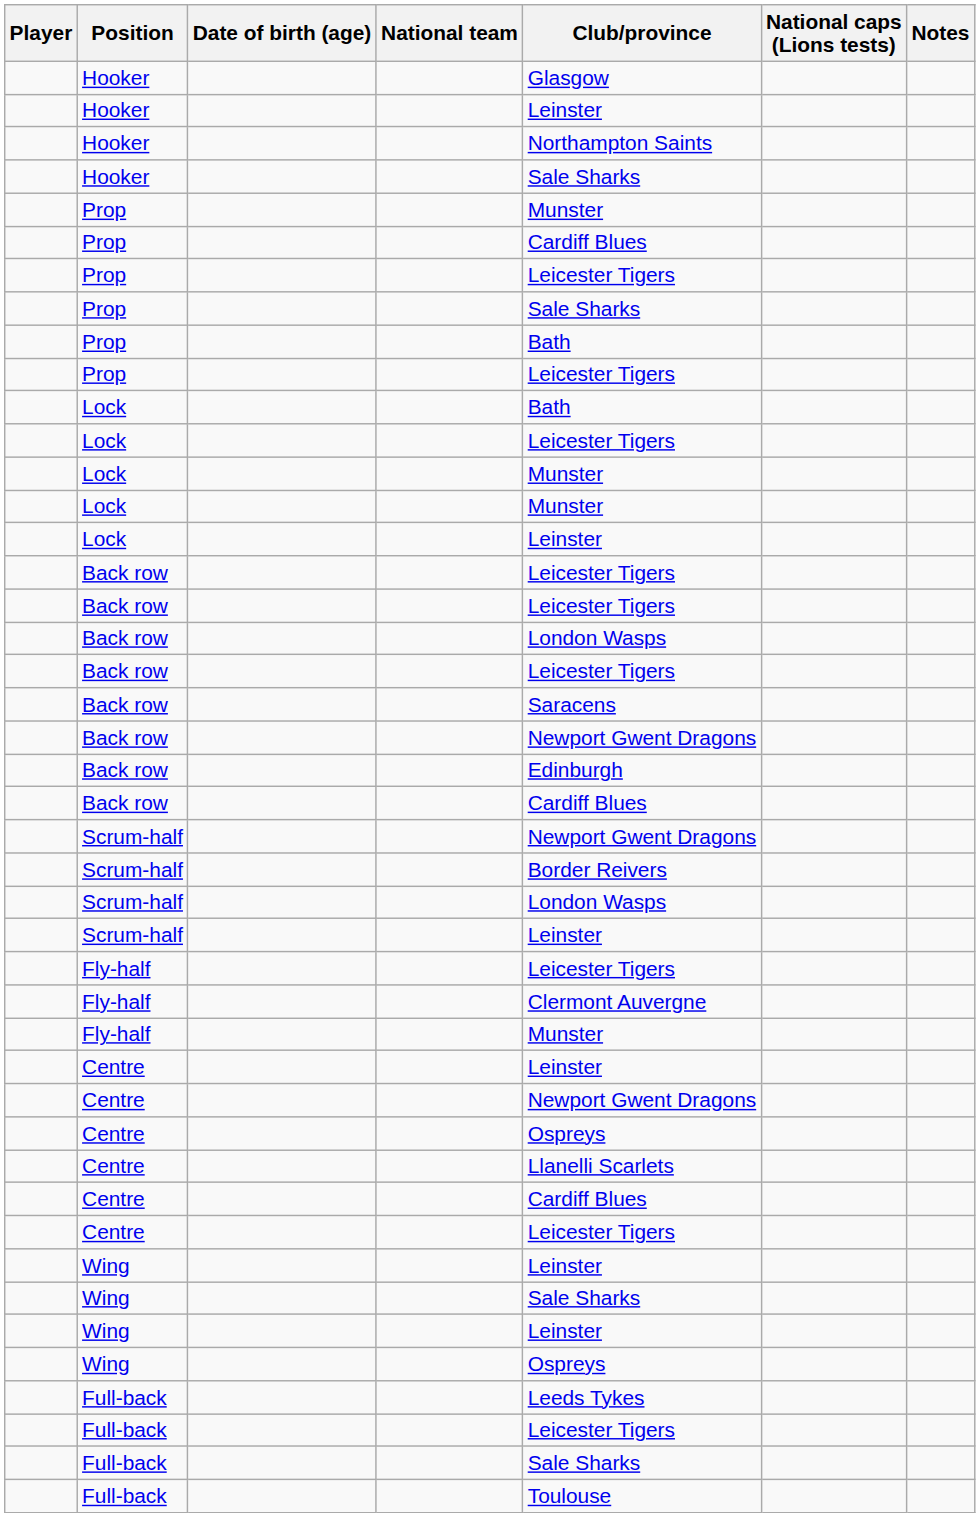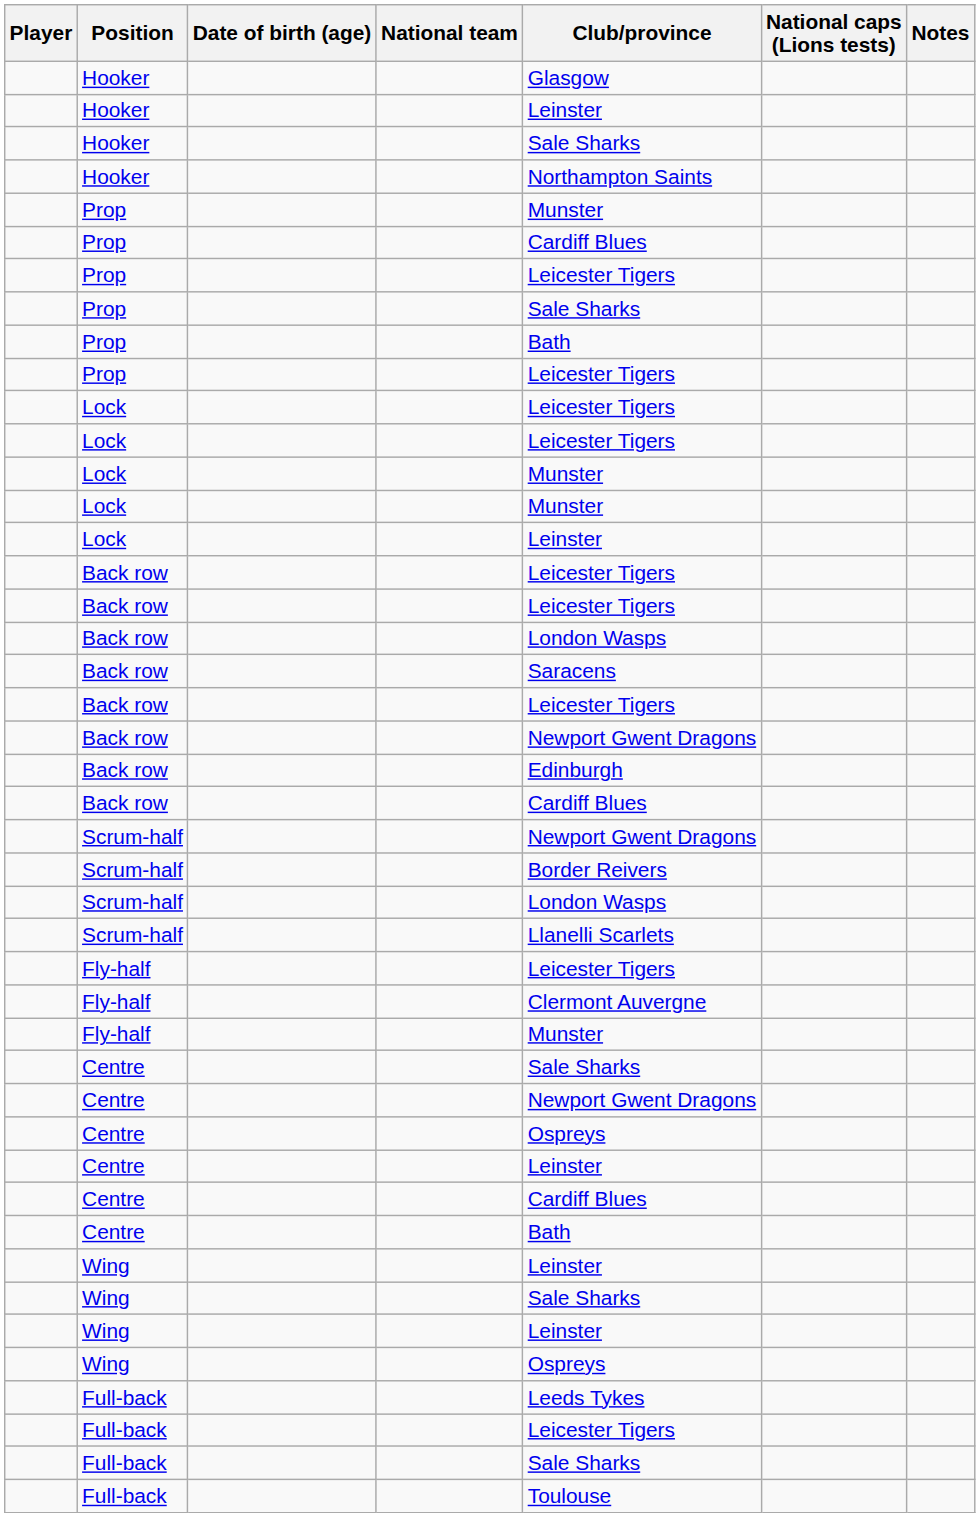 <table class="wikitable sortable" style="font-size:90%">
 <tr>
 <th>Player</th>
 <th>Position</th>
 <th>Date of birth (age)</th>
 <th>National team</th>
 <th>Club/province</th>
 <th>National caps<br>(Lions tests)</th>
 <th>Notes</th>
 </tr>
 <tr>
 <td></td>
 <td><a href='#'>Hooker</a></td>
 <td></td>
 <td></td>
 <td><a href='#'>Glasgow</a></td>
 <td></td>
 <td></td>
 </tr>
 <tr>
 <td></td>
 <td><a href='#'>Hooker</a></td>
 <td></td>
 <td></td>
 <td><a href='#'>Leinster</a></td>
 <td></td>
 <td></td>
 </tr>
 <tr>
 <td></td>
 <td><a href='#'>Hooker</a></td>
 <td></td>
 <td></td>
-<td><a href='#'>Northampton Saints</a></td>
+<td><a href='#'>Sale Sharks</a></td>
 <td></td>
 <td></td>
 </tr>
 <tr>
 <td></td>
 <td><a href='#'>Hooker</a></td>
 <td></td>
 <td></td>
-<td><a href='#'>Sale Sharks</a></td>
+<td><a href='#'>Northampton Saints</a></td>
 <td></td>
 <td></td>
 </tr>
 <tr>
 <td></td>
 <td><a href='#'>Prop</a></td>
 <td></td>
 <td></td>
 <td><a href='#'>Munster</a></td>
 <td></td>
 <td></td>
 </tr>
 <tr>
 <td></td>
 <td><a href='#'>Prop</a></td>
 <td></td>
 <td></td>
 <td><a href='#'>Cardiff Blues</a></td>
 <td></td>
 <td></td>
 </tr>
 <tr>
 <td></td>
 <td><a href='#'>Prop</a></td>
 <td></td>
 <td></td>
 <td><a href='#'>Leicester Tigers</a></td>
 <td></td>
 <td></td>
 </tr>
 <tr>
 <td></td>
 <td><a href='#'>Prop</a></td>
 <td></td>
 <td></td>
 <td><a href='#'>Sale Sharks</a></td>
 <td></td>
 <td></td>
 </tr>
 <tr>
 <td></td>
 <td><a href='#'>Prop</a></td>
 <td></td>
 <td></td>
 <td><a href='#'>Bath</a></td>
 <td></td>
 <td></td>
 </tr>
 <tr>
 <td></td>
 <td><a href='#'>Prop</a></td>
 <td></td>
 <td></td>
 <td><a href='#'>Leicester Tigers</a></td>
 <td></td>
 <td></td>
 </tr>
 <tr>
 <td></td>
 <td><a href='#'>Lock</a></td>
 <td></td>
 <td></td>
-<td><a href='#'>Bath</a></td>
+<td><a href='#'>Leicester Tigers</a></td>
 <td></td>
 <td></td>
 </tr>
 <tr>
 <td></td>
 <td><a href='#'>Lock</a></td>
 <td></td>
 <td></td>
 <td><a href='#'>Leicester Tigers</a></td>
 <td></td>
 <td></td>
 </tr>
 <tr>
 <td></td>
 <td><a href='#'>Lock</a></td>
 <td></td>
 <td></td>
 <td><a href='#'>Munster</a></td>
 <td></td>
 <td></td>
 </tr>
 <tr>
 <td></td>
 <td><a href='#'>Lock</a></td>
 <td></td>
 <td></td>
 <td><a href='#'>Munster</a></td>
 <td></td>
 <td></td>
 </tr>
 <tr>
 <td></td>
 <td><a href='#'>Lock</a></td>
 <td></td>
 <td></td>
 <td><a href='#'>Leinster</a></td>
 <td></td>
 <td></td>
 </tr>
 <tr>
 <td></td>
 <td><a href='#'>Back row</a></td>
 <td></td>
 <td></td>
 <td><a href='#'>Leicester Tigers</a></td>
 <td></td>
 <td></td>
 </tr>
 <tr>
 <td></td>
 <td><a href='#'>Back row</a></td>
 <td></td>
 <td></td>
 <td><a href='#'>Leicester Tigers</a></td>
 <td></td>
 <td></td>
 </tr>
 <tr>
 <td></td>
 <td><a href='#'>Back row</a></td>
 <td></td>
 <td></td>
 <td><a href='#'>London Wasps</a></td>
 <td></td>
 <td></td>
 </tr>
 <tr>
 <td></td>
 <td><a href='#'>Back row</a></td>
 <td></td>
 <td></td>
-<td><a href='#'>Leicester Tigers</a></td>
+<td><a href='#'>Saracens</a></td>
 <td></td>
 <td></td>
 </tr>
 <tr>
 <td></td>
 <td><a href='#'>Back row</a></td>
 <td></td>
 <td></td>
-<td><a href='#'>Saracens</a></td>
+<td><a href='#'>Leicester Tigers</a></td>
 <td></td>
 <td></td>
 </tr>
 <tr>
 <td></td>
 <td><a href='#'>Back row</a></td>
 <td></td>
 <td></td>
 <td><a href='#'>Newport Gwent Dragons</a></td>
 <td></td>
 <td></td>
 </tr>
 <tr>
 <td></td>
 <td><a href='#'>Back row</a></td>
 <td></td>
 <td></td>
 <td><a href='#'>Edinburgh</a></td>
 <td></td>
 <td></td>
 </tr>
 <tr>
 <td></td>
 <td><a href='#'>Back row</a></td>
 <td></td>
 <td></td>
 <td><a href='#'>Cardiff Blues</a></td>
 <td></td>
 <td></td>
 </tr>
 <tr>
 <td></td>
 <td><a href='#'>Scrum-half</a></td>
 <td></td>
 <td></td>
 <td><a href='#'>Newport Gwent Dragons</a></td>
 <td></td>
 <td></td>
 </tr>
 <tr>
 <td></td>
 <td><a href='#'>Scrum-half</a></td>
 <td></td>
 <td></td>
 <td><a href='#'>Border Reivers</a></td>
 <td></td>
 <td></td>
 </tr>
 <tr>
 <td></td>
 <td><a href='#'>Scrum-half</a></td>
 <td></td>
 <td></td>
 <td><a href='#'>London Wasps</a></td>
 <td></td>
 <td></td>
 </tr>
 <tr>
 <td></td>
 <td><a href='#'>Scrum-half</a></td>
 <td></td>
 <td></td>
-<td><a href='#'>Leinster</a></td>
+<td><a href='#'>Llanelli Scarlets</a></td>
 <td></td>
 <td></td>
 </tr>
 <tr>
 <td></td>
 <td><a href='#'>Fly-half</a></td>
 <td></td>
 <td></td>
 <td><a href='#'>Leicester Tigers</a></td>
 <td></td>
 <td></td>
 </tr>
 <tr>
 <td></td>
 <td><a href='#'>Fly-half</a></td>
 <td></td>
 <td></td>
 <td><a href='#'>Clermont Auvergne</a></td>
 <td></td>
 <td></td>
 </tr>
 <tr>
 <td></td>
 <td><a href='#'>Fly-half</a></td>
 <td></td>
 <td></td>
 <td><a href='#'>Munster</a></td>
 <td></td>
 <td></td>
 </tr>
 <tr>
 <td></td>
 <td><a href='#'>Centre</a></td>
 <td></td>
 <td></td>
-<td><a href='#'>Leinster</a></td>
+<td><a href='#'>Sale Sharks</a></td>
 <td></td>
 <td></td>
 </tr>
 <tr>
 <td></td>
 <td><a href='#'>Centre</a></td>
 <td></td>
 <td></td>
 <td><a href='#'>Newport Gwent Dragons</a></td>
 <td></td>
 <td></td>
 </tr>
 <tr>
 <td></td>
 <td><a href='#'>Centre</a></td>
 <td></td>
 <td></td>
 <td><a href='#'>Ospreys</a></td>
 <td></td>
 <td></td>
 </tr>
 <tr>
 <td></td>
 <td><a href='#'>Centre</a></td>
 <td></td>
 <td></td>
-<td><a href='#'>Llanelli Scarlets</a></td>
+<td><a href='#'>Leinster</a></td>
 <td></td>
 <td></td>
 </tr>
 <tr>
 <td></td>
 <td><a href='#'>Centre</a></td>
 <td></td>
 <td></td>
 <td><a href='#'>Cardiff Blues</a></td>
 <td></td>
 <td></td>
 </tr>
 <tr>
 <td></td>
 <td><a href='#'>Centre</a></td>
 <td></td>
 <td></td>
-<td><a href='#'>Leicester Tigers</a></td>
+<td><a href='#'>Bath</a></td>
 <td></td>
 <td></td>
 </tr>
 <tr>
 <td></td>
 <td><a href='#'>Wing</a></td>
 <td></td>
 <td></td>
 <td><a href='#'>Leinster</a></td>
 <td></td>
 <td></td>
 </tr>
 <tr>
 <td></td>
 <td><a href='#'>Wing</a></td>
 <td></td>
 <td></td>
 <td><a href='#'>Sale Sharks</a></td>
 <td></td>
 <td></td>
 </tr>
 <tr>
 <td></td>
 <td><a href='#'>Wing</a></td>
 <td></td>
 <td></td>
 <td><a href='#'>Leinster</a></td>
 <td></td>
 <td></td>
 </tr>
 <tr>
 <td></td>
 <td><a href='#'>Wing</a></td>
 <td></td>
 <td></td>
 <td><a href='#'>Ospreys</a></td>
 <td></td>
 <td></td>
 </tr>
 <tr>
 <td></td>
 <td><a href='#'>Full-back</a></td>
 <td></td>
 <td></td>
 <td><a href='#'>Leeds Tykes</a></td>
 <td></td>
 <td></td>
 </tr>
 <tr>
 <td></td>
 <td><a href='#'>Full-back</a></td>
 <td></td>
 <td></td>
 <td><a href='#'>Leicester Tigers</a></td>
 <td></td>
 <td></td>
 </tr>
 <tr>
 <td></td>
 <td><a href='#'>Full-back</a></td>
 <td></td>
 <td></td>
 <td><a href='#'>Sale Sharks</a></td>
 <td></td>
 <td></td>
 </tr>
 <tr>
 <td></td>
 <td><a href='#'>Full-back</a></td>
 <td></td>
 <td></td>
 <td><a href='#'>Toulouse</a></td>
 <td></td>
 <td></td>
 </tr>
 </table>
